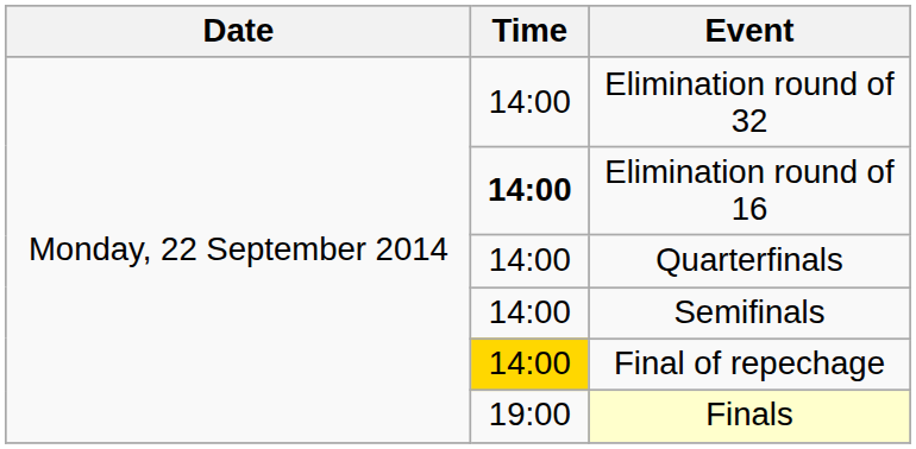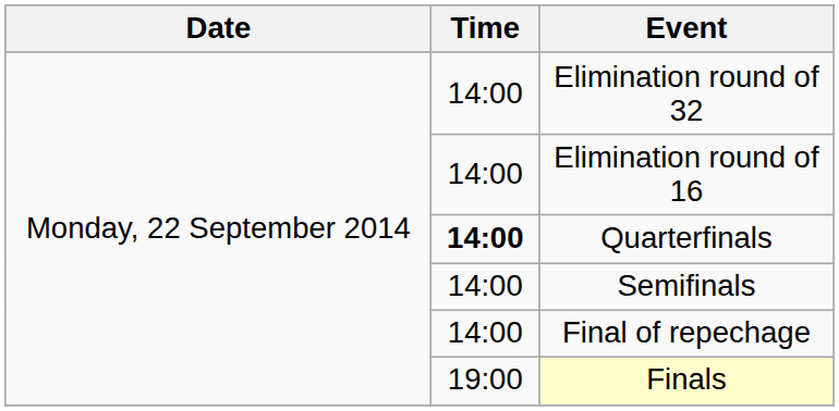 <table class = "wikitable" style="text-align:center;">
 <tr>
 <th width=220>Date</th>
 <th width=50>Time</th>
 <th width=150>Event</th>
 </tr>
 <tr>
 <td rowspan=6>Monday, 22 September 2014</td>
 <td>14:00</td>
 <td>Elimination round of 32</td>
 </tr>
 <tr>
-<td><strong>14:00</strong></td>
+<td>14:00</td>
 <td>Elimination round of 16</td>
 </tr>
 <tr>
-<td>14:00</td>
+<td><strong>14:00</strong></td>
 <td>Quarterfinals</td>
 </tr>
 <tr>
 <td>14:00</td>
 <td>Semifinals</td>
 </tr>
 <tr>
-<td style="background: gold;">14:00</td>
+<td>14:00</td>
 <td>Final of repechage</td>
 </tr>
 <tr>
 <td>19:00</td>
 <td bgcolor=ffffcc>Finals</td>
 </tr>
 </table>
